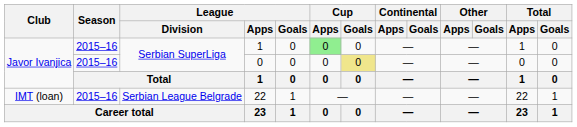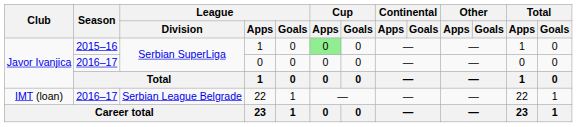 <table class="wikitable" style="text-align:center">
 <tr>
 <th rowspan="2">Club</th>
 <th rowspan="2">Season</th>
 <th colspan="3">League</th>
 <th colspan="2">Cup</th>
 <th colspan="2">Continental</th>
 <th colspan="2">Other</th>
 <th colspan="2">Total</th>
 </tr>
 <tr>
 <th>Division</th>
 <th>Apps</th>
 <th>Goals</th>
 <th>Apps</th>
 <th>Goals</th>
 <th>Apps</th>
 <th>Goals</th>
 <th>Apps</th>
 <th>Goals</th>
 <th>Apps</th>
 <th>Goals</th>
 </tr>
 <tr>
 <td rowspan="3"><a href='#'>Javor Ivanjica</a></td>
 <td><a href='#'>2015–16</a></td>
 <td rowspan=2><a href='#'>Serbian SuperLiga</a></td>
 <td>1</td>
 <td>0</td>
 <td style="background: lightgreen;">0</td>
 <td>0</td>
 <td colspan="2">—</td>
 <td colspan="2">—</td>
 <td>1</td>
 <td>0</td>
 </tr>
 <tr>
-<td><a href='#'>2015–16</a></td>
+<td><a href='#'>2016–17</a></td>
 <td>0</td>
 <td>0</td>
 <td>0</td>
-<td style="background: khaki;">0</td>
+<td>0</td>
 <td colspan="2">—</td>
 <td colspan="2">—</td>
 <td>0</td>
 <td>0</td>
 </tr>
 <tr>
 <th colspan="2">Total</th>
 <th>1</th>
 <th>0</th>
 <th>0</th>
 <th>0</th>
 <th colspan="2">—</th>
 <th colspan="2">—</th>
 <th>1</th>
 <th>0</th>
 </tr>
 <tr>
 <td><a href='#'>IMT</a> (loan)</td>
-<td><a href='#'>2015–16</a></td>
+<td><a href='#'>2016–17</a></td>
 <td><a href='#'>Serbian League Belgrade</a></td>
 <td>22</td>
 <td>1</td>
 <td colspan="2">—</td>
 <td colspan="2">—</td>
 <td colspan="2">—</td>
 <td>22</td>
 <td>1</td>
 </tr>
 <tr>
 <th colspan="3">Career total</th>
 <th>23</th>
 <th>1</th>
 <th>0</th>
 <th>0</th>
 <th colspan="2">—</th>
 <th colspan="2">—</th>
 <th>23</th>
 <th>1</th>
 </tr>
 </table>
